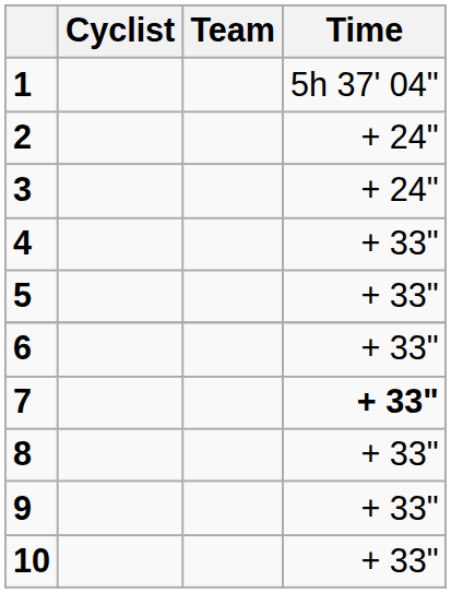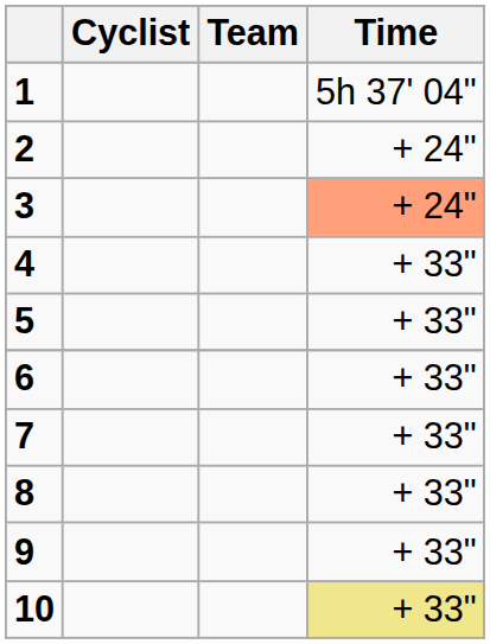 <table class="wikitable">
 <tr style="background:#ccccff;">
 <th></th>
 <th>Cyclist</th>
 <th>Team</th>
 <th>Time</th>
 </tr>
 <tr>
 <td><strong>1</strong></td>
 <td></td>
 <td></td>
 <td align=right>5h 37' 04"</td>
 </tr>
 <tr>
 <td><strong>2</strong></td>
 <td></td>
 <td></td>
 <td align=right>+ 24"</td>
 </tr>
 <tr>
 <td><strong>3</strong></td>
 <td></td>
 <td></td>
-<td align=right>+ 24"</td>
+<td align=right style="background: lightsalmon;">+ 24"</td>
 </tr>
 <tr>
 <td><strong>4</strong></td>
 <td></td>
 <td></td>
 <td align=right>+ 33"</td>
 </tr>
 <tr>
 <td><strong>5</strong></td>
 <td></td>
 <td></td>
 <td align=right>+ 33"</td>
 </tr>
 <tr>
 </tr>
 <tr>
 <td><strong>6</strong></td>
 <td></td>
 <td></td>
 <td align=right>+ 33"</td>
 </tr>
 <tr>
 <td><strong>7</strong></td>
 <td></td>
 <td></td>
-<td align=right><strong>+ 33"</strong></td>
+<td align=right>+ 33"</td>
 </tr>
 <tr>
 <td><strong>8</strong></td>
 <td></td>
 <td></td>
 <td align=right>+ 33"</td>
 </tr>
 <tr>
 <td><strong>9</strong></td>
 <td></td>
 <td></td>
 <td align=right>+ 33"</td>
 </tr>
 <tr>
 <td><strong>10</strong></td>
 <td></td>
 <td></td>
-<td align=right>+ 33"</td>
+<td align=right style="background: khaki;">+ 33"</td>
 </tr>
 </table>
